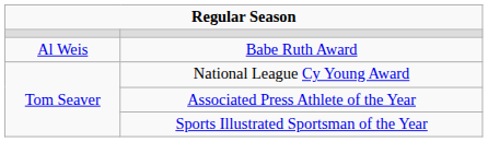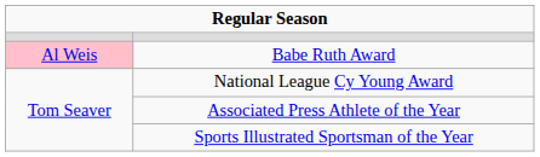 <table class="wikitable" style="width:55%;">
 <tr>
 <td colspan="10" style="text-align:center;"><strong>Regular Season</strong></td>
 </tr>
 <tr style="text-align:center; background:#ddd;">
 <td></td>
 <td></td>
 </tr>
 <tr align="center">
-<td><a href='#'>Al Weis</a></td>
+<td style="background: pink;"><a href='#'>Al Weis</a></td>
 <td><a href='#'>Babe Ruth Award</a></td>
 </tr>
 <tr align="center">
 <td rowspan=3><a href='#'>Tom Seaver</a></td>
 <td>National League <a href='#'>Cy Young Award</a></td>
 </tr>
 <tr align="center">
 <td><a href='#'>Associated Press Athlete of the Year</a></td>
 </tr>
 <tr align="center">
 <td><a href='#'>Sports Illustrated Sportsman of the Year</a></td>
 </tr>
 </table>
